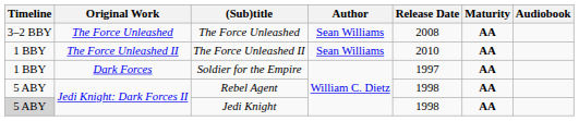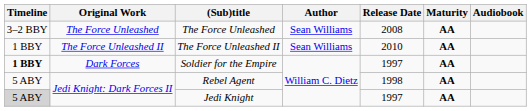 <table class="wikitable sortable" style="text-align: center">
 <tr>
 <th>Timeline</th>
 <th>Original Work</th>
 <th>(Sub)title</th>
 <th>Author</th>
 <th>Release Date</th>
 <th>Maturity</th>
 <th>Audio­book</th>
 </tr>
 <tr>
 <td data-sort-value="-3">3–2 BBY</td>
 <td><em><a href='#'>The Force Unleashed</a></em></td>
 <td><em>The Force Unleashed</em></td>
 <td><a href='#'>Sean Williams</a></td>
 <td>2008</td>
 <td><strong>AA</strong></td>
 <td></td>
 </tr>
 <tr>
 <td data-sort-value="-1.99">1 BBY</td>
 <td><em><a href='#'>The Force Unleashed II</a></em></td>
 <td><em>The Force Unleashed II</em></td>
 <td><a href='#'>Sean Williams</a></td>
 <td>2010</td>
 <td><strong>AA</strong></td>
 <td></td>
 </tr>
 <tr>
-<td data-sort-value="-1.98">1 BBY</td>
+<td data-sort-value="-1.98"><strong>1 BBY</strong></td>
 <td><em><a href='#'>Dark Forces</a></em></td>
 <td><em>Soldier for the Empire</em></td>
 <td rowspan="3"><a href='#'>William C. Dietz</a></td>
 <td>1997</td>
 <td><strong>AA</strong></td>
 <td></td>
 </tr>
 <tr>
 <td data-sort-value="5">5 ABY</td>
 <td rowspan="2"><em><a href='#'>Jedi Knight: Dark Forces II</a></em></td>
 <td><em>Rebel Agent</em></td>
 <td>1998</td>
 <td><strong>AA</strong></td>
 <td></td>
 </tr>
 <tr>
 <td data-sort-value="5.1" style="background: lightgrey;">5 ABY</td>
 <td><em>Jedi Knight</em></td>
-<td>1998</td>
+<td>1997</td>
 <td><strong>AA</strong></td>
 <td></td>
 </tr>
 </table>
